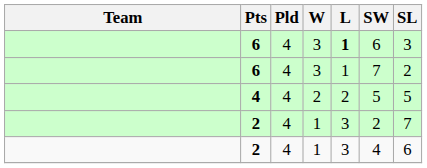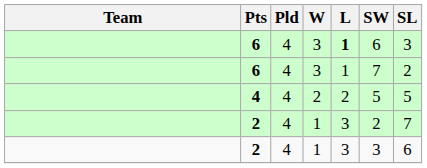 <table class=wikitable style="text-align:center">
 <tr>
 <th width=220>Team</th>
 <th width=20>Pts</th>
 <th width=20>Pld</th>
 <th width=20>W</th>
 <th width=20>L</th>
 <th width=20>SW</th>
 <th width=20>SL</th>
 </tr>
 <tr bgcolor=#ccffcc>
 <td align=left></td>
 <td><strong>6</strong></td>
 <td>4</td>
 <td>3</td>
 <td><strong>1</strong></td>
 <td>6</td>
 <td>3</td>
 </tr>
 <tr bgcolor=#ccffcc>
 <td align=left></td>
 <td><strong>6</strong></td>
 <td>4</td>
 <td>3</td>
 <td>1</td>
 <td>7</td>
 <td>2</td>
 </tr>
 <tr bgcolor=#ccffcc>
 <td align=left></td>
 <td><strong>4</strong></td>
 <td>4</td>
 <td>2</td>
 <td>2</td>
 <td>5</td>
 <td>5</td>
 </tr>
 <tr bgcolor=#ccffcc>
 <td align=left></td>
 <td><strong>2</strong></td>
 <td>4</td>
 <td>1</td>
 <td>3</td>
 <td>2</td>
 <td>7</td>
 </tr>
 <tr bgcolor=>
 <td align=left></td>
 <td><strong>2</strong></td>
 <td>4</td>
 <td>1</td>
 <td>3</td>
-<td>4</td>
+<td>3</td>
 <td>6</td>
 </tr>
 <tr>
 </tr>
 </table>
